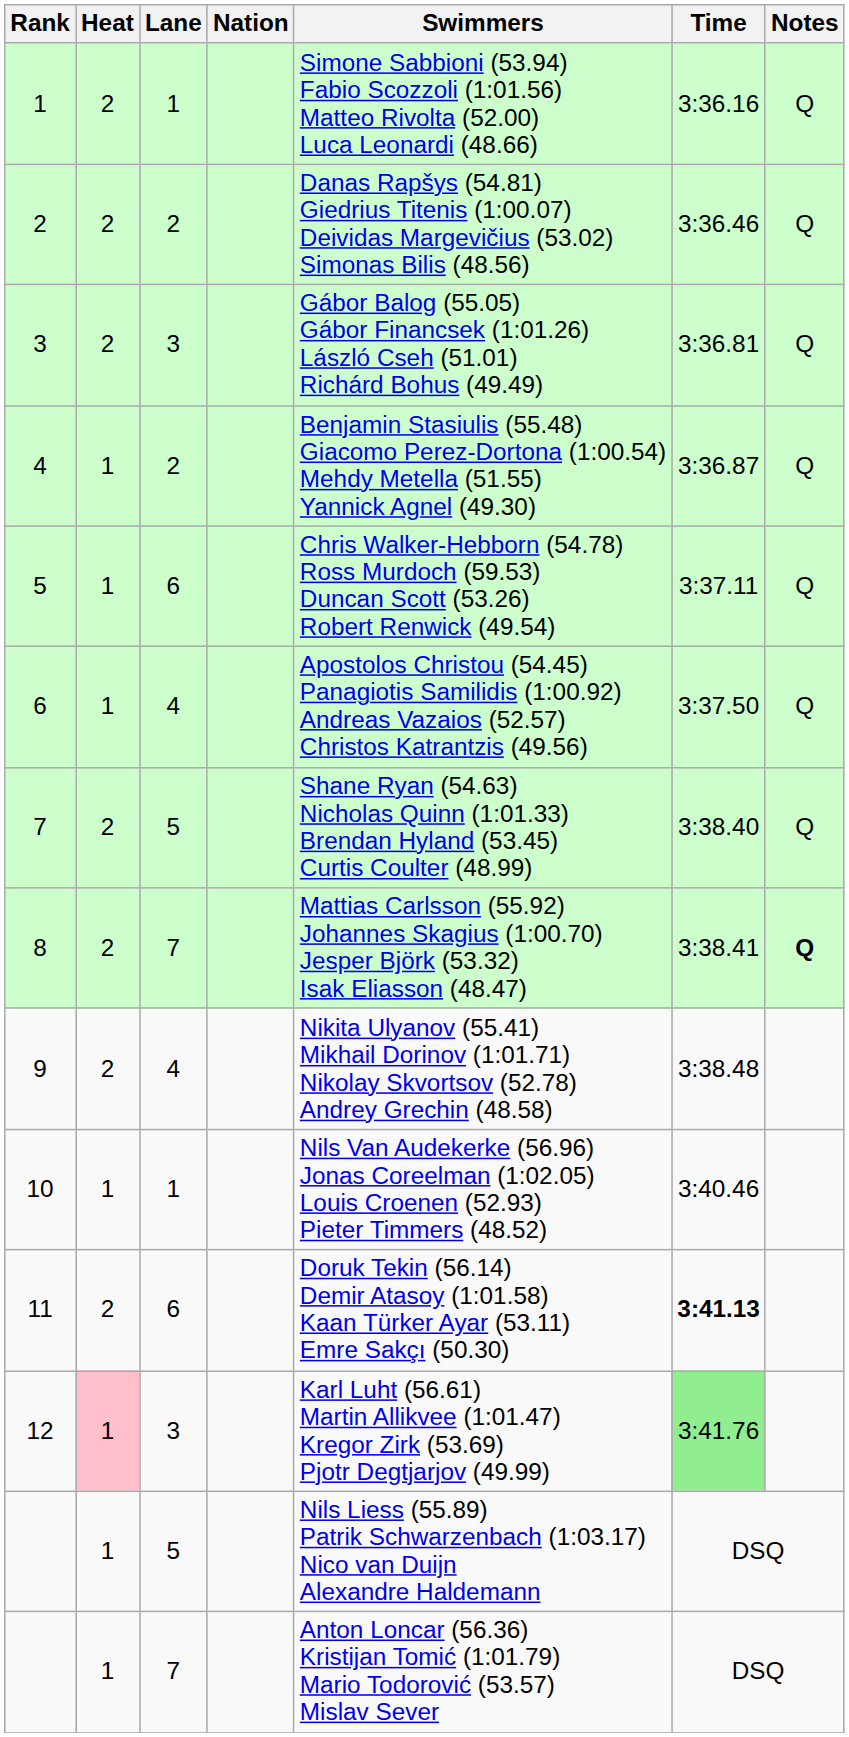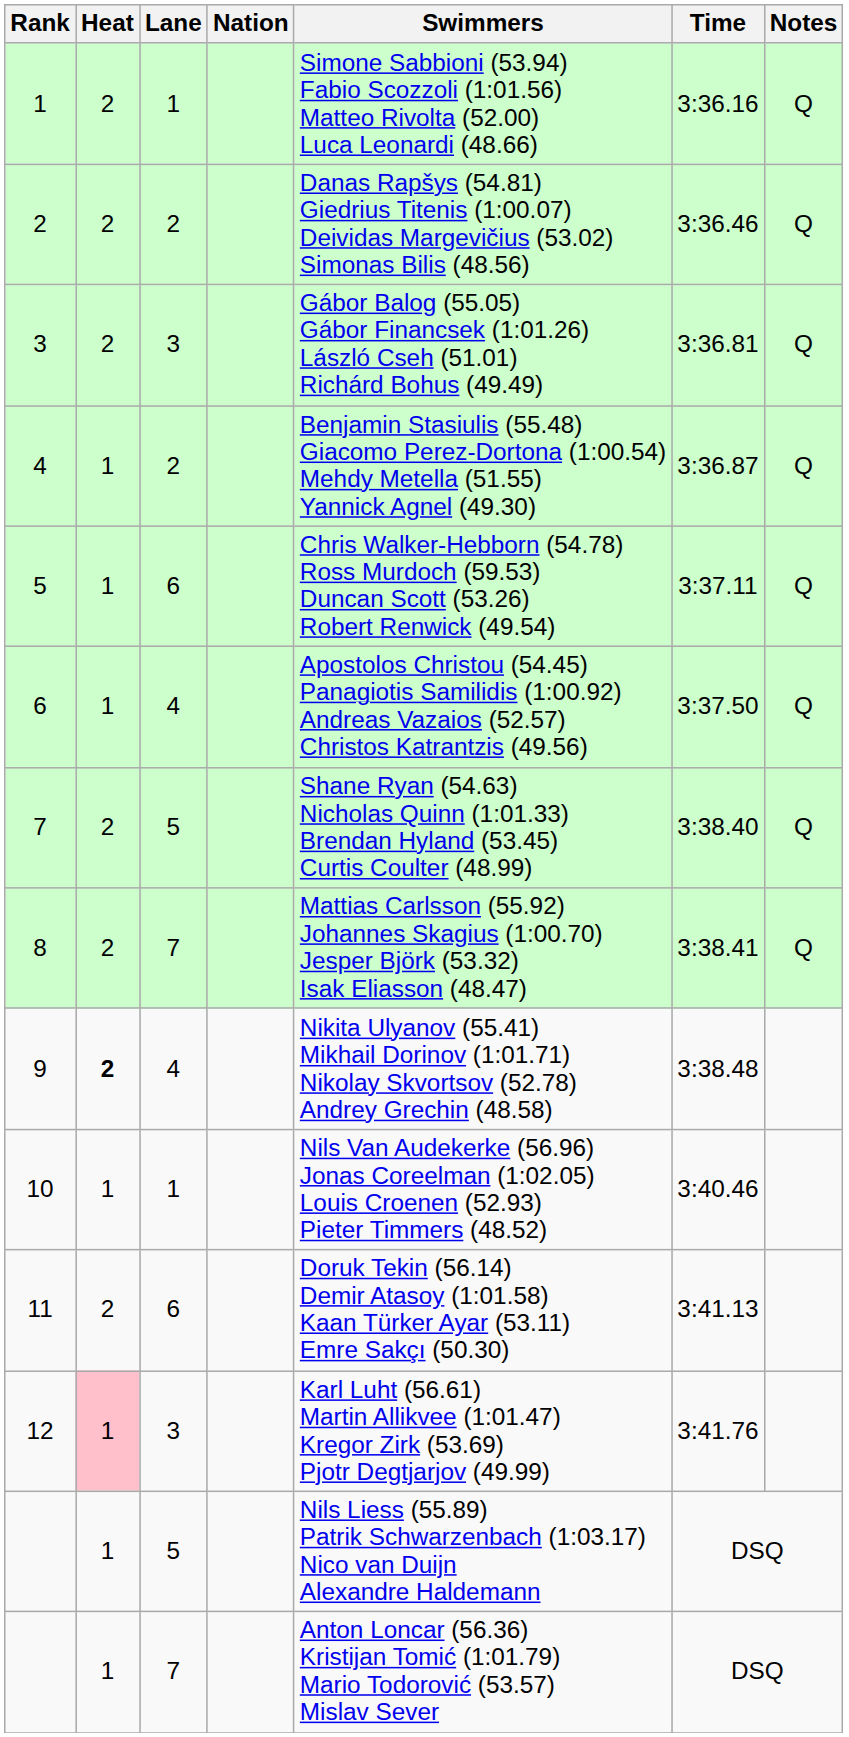 <table class="wikitable sortable" style="text-align:center">
 <tr>
 <th>Rank</th>
 <th>Heat</th>
 <th>Lane</th>
 <th>Nation</th>
 <th>Swimmers</th>
 <th>Time</th>
 <th>Notes</th>
 </tr>
 <tr bgcolor=ccffcc>
 <td>1</td>
 <td>2</td>
 <td>1</td>
 <td align=left></td>
 <td align=left><a href='#'>Simone Sabbioni</a> (53.94)<br><a href='#'>Fabio Scozzoli</a> (1:01.56)<br><a href='#'>Matteo Rivolta</a> (52.00)<br><a href='#'>Luca Leonardi</a> (48.66)</td>
 <td>3:36.16</td>
 <td>Q</td>
 </tr>
 <tr bgcolor=ccffcc>
 <td>2</td>
 <td>2</td>
 <td>2</td>
 <td align=left></td>
 <td align=left><a href='#'>Danas Rapšys</a> (54.81)<br><a href='#'>Giedrius Titenis</a> (1:00.07)<br><a href='#'>Deividas Margevičius</a> (53.02)<br><a href='#'>Simonas Bilis</a> (48.56)</td>
 <td>3:36.46</td>
 <td>Q</td>
 </tr>
 <tr bgcolor=ccffcc>
 <td>3</td>
 <td>2</td>
 <td>3</td>
 <td align=left></td>
 <td align=left><a href='#'>Gábor Balog</a> (55.05)<br><a href='#'>Gábor Financsek</a> (1:01.26)<br><a href='#'>László Cseh</a> (51.01)<br><a href='#'>Richárd Bohus</a> (49.49)</td>
 <td>3:36.81</td>
 <td>Q</td>
 </tr>
 <tr bgcolor=ccffcc>
 <td>4</td>
 <td>1</td>
 <td>2</td>
 <td align=left></td>
 <td align=left><a href='#'>Benjamin Stasiulis</a> (55.48)<br><a href='#'>Giacomo Perez-Dortona</a> (1:00.54)<br><a href='#'>Mehdy Metella</a> (51.55)<br><a href='#'>Yannick Agnel</a> (49.30)</td>
 <td>3:36.87</td>
 <td>Q</td>
 </tr>
 <tr bgcolor=ccffcc>
 <td>5</td>
 <td>1</td>
 <td>6</td>
 <td align=left></td>
 <td align=left><a href='#'>Chris Walker-Hebborn</a> (54.78)<br><a href='#'>Ross Murdoch</a> (59.53)<br><a href='#'>Duncan Scott</a> (53.26)<br><a href='#'>Robert Renwick</a> (49.54)</td>
 <td>3:37.11</td>
 <td>Q</td>
 </tr>
 <tr bgcolor=ccffcc>
 <td>6</td>
 <td>1</td>
 <td>4</td>
 <td align=left></td>
 <td align=left><a href='#'>Apostolos Christou</a> (54.45)<br><a href='#'>Panagiotis Samilidis</a> (1:00.92)<br><a href='#'>Andreas Vazaios</a> (52.57)<br><a href='#'>Christos Katrantzis</a> (49.56)</td>
 <td>3:37.50</td>
 <td>Q</td>
 </tr>
 <tr bgcolor=ccffcc>
 <td>7</td>
 <td>2</td>
 <td>5</td>
 <td align=left></td>
 <td align=left><a href='#'>Shane Ryan</a> (54.63)<br><a href='#'>Nicholas Quinn</a> (1:01.33)<br><a href='#'>Brendan Hyland</a> (53.45)<br><a href='#'>Curtis Coulter</a> (48.99)</td>
 <td>3:38.40</td>
 <td>Q</td>
 </tr>
 <tr bgcolor=ccffcc>
 <td>8</td>
 <td>2</td>
 <td>7</td>
 <td align=left></td>
 <td align=left><a href='#'>Mattias Carlsson</a> (55.92)<br><a href='#'>Johannes Skagius</a> (1:00.70)<br><a href='#'>Jesper Björk</a> (53.32)<br><a href='#'>Isak Eliasson</a> (48.47)</td>
 <td>3:38.41</td>
-<td><strong>Q</strong></td>
+<td>Q</td>
 </tr>
 <tr>
 <td>9</td>
-<td>2</td>
+<td><strong>2</strong></td>
 <td>4</td>
 <td align=left></td>
 <td align=left><a href='#'>Nikita Ulyanov</a> (55.41)<br><a href='#'>Mikhail Dorinov</a> (1:01.71)<br><a href='#'>Nikolay Skvortsov</a> (52.78)<br><a href='#'>Andrey Grechin</a> (48.58)</td>
 <td>3:38.48</td>
 <td></td>
 </tr>
 <tr>
 <td>10</td>
 <td>1</td>
 <td>1</td>
 <td align=left></td>
 <td align=left><a href='#'>Nils Van Audekerke</a> (56.96)<br><a href='#'>Jonas Coreelman</a> (1:02.05)<br><a href='#'>Louis Croenen</a> (52.93)<br><a href='#'>Pieter Timmers</a> (48.52)</td>
 <td>3:40.46</td>
 <td></td>
 </tr>
 <tr>
 <td>11</td>
 <td>2</td>
 <td>6</td>
 <td align=left></td>
 <td align=left><a href='#'>Doruk Tekin</a> (56.14)<br><a href='#'>Demir Atasoy</a> (1:01.58)<br><a href='#'>Kaan Türker Ayar</a> (53.11)<br><a href='#'>Emre Sakçı</a> (50.30)</td>
-<td><strong>3:41.13</strong></td>
+<td>3:41.13</td>
 <td></td>
 </tr>
 <tr>
 <td>12</td>
 <td style="background: pink;">1</td>
 <td>3</td>
 <td align=left></td>
 <td align=left><a href='#'>Karl Luht</a> (56.61)<br><a href='#'>Martin Allikvee</a> (1:01.47)<br><a href='#'>Kregor Zirk</a> (53.69)<br><a href='#'>Pjotr Degtjarjov</a> (49.99)</td>
-<td style="background: lightgreen;">3:41.76</td>
+<td>3:41.76</td>
 <td></td>
 </tr>
 <tr>
 <td></td>
 <td>1</td>
 <td>5</td>
 <td align=left></td>
 <td align=left><a href='#'>Nils Liess</a> (55.89)<br><a href='#'>Patrik Schwarzenbach</a> (1:03.17)<br><a href='#'>Nico van Duijn</a> <br><a href='#'>Alexandre Haldemann</a></td>
 <td colspan=2>DSQ</td>
 </tr>
 <tr>
 <td></td>
 <td>1</td>
 <td>7</td>
 <td align=left></td>
 <td align=left><a href='#'>Anton Loncar</a> (56.36)<br><a href='#'>Kristijan Tomić</a> (1:01.79)<br><a href='#'>Mario Todorović</a> (53.57) <br><a href='#'>Mislav Sever</a></td>
 <td colspan=2>DSQ</td>
 </tr>
 </table>
